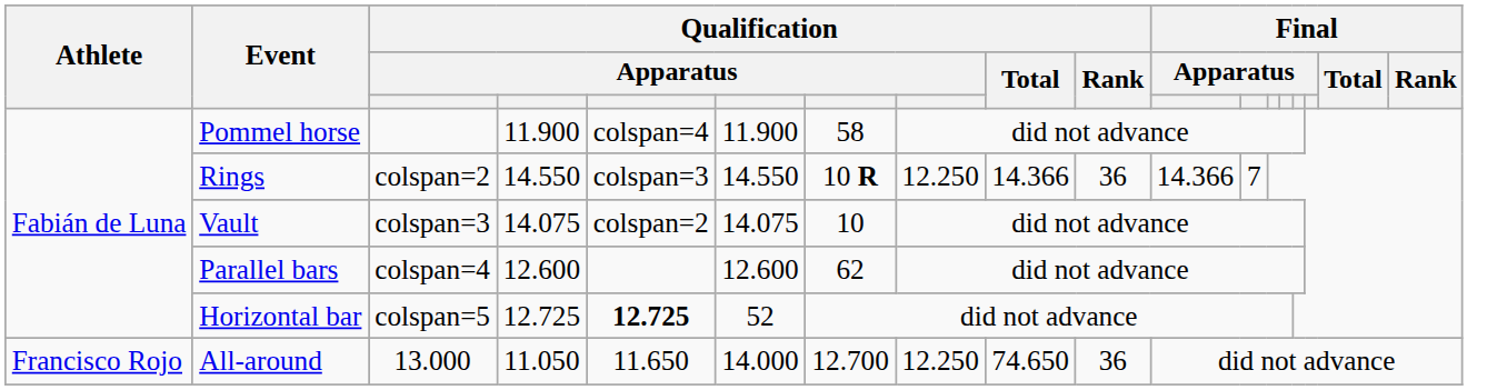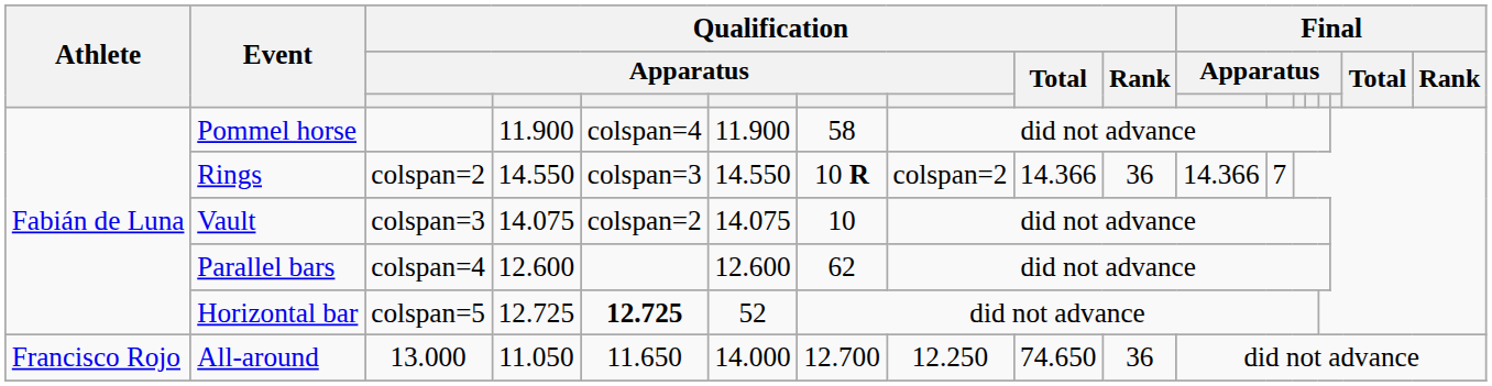 <table class="wikitable" style="font-size:90%">
 <tr>
 <th rowspan=3>Athlete</th>
 <th rowspan=3>Event</th>
 <th colspan =8>Qualification</th>
 <th colspan =8>Final</th>
 </tr>
 <tr style="font-size:95%">
 <th colspan=6>Apparatus</th>
 <th rowspan=2>Total</th>
 <th rowspan=2>Rank</th>
 <th colspan=6>Apparatus</th>
 <th rowspan=2>Total</th>
 <th rowspan=2>Rank</th>
 </tr>
 <tr style="font-size:95%">
 <th></th>
 <th></th>
 <th></th>
 <th></th>
 <th></th>
 <th></th>
 <th></th>
 <th></th>
 <th></th>
 <th></th>
 <th></th>
 <th></th>
 </tr>
 <tr align=center>
 <td align=left rowspan=5><a href='#'>Fabián de Luna</a></td>
 <td align=left><a href='#'>Pommel horse</a></td>
 <td></td>
 <td>11.900</td>
 <td>colspan=4 </td>
 <td>11.900</td>
 <td>58</td>
 <td colspan=8>did not advance</td>
 </tr>
 <tr align=center>
 <td align=left><a href='#'>Rings</a></td>
 <td>colspan=2 </td>
 <td>14.550</td>
 <td>colspan=3 </td>
 <td>14.550</td>
 <td>10 <strong>R</strong></td>
-<td>12.250</td>
+<td>colspan=2 </td>
 <td>14.366</td>
 <td>36</td>
 <td>14.366</td>
 <td>7</td>
 </tr>
 <tr align=center>
 <td align=left><a href='#'>Vault</a></td>
 <td>colspan=3 </td>
 <td>14.075</td>
 <td>colspan=2 </td>
 <td>14.075</td>
 <td>10</td>
 <td colspan=8>did not advance</td>
 </tr>
 <tr align=center>
 <td align=left><a href='#'>Parallel bars</a></td>
 <td>colspan=4 </td>
 <td>12.600</td>
 <td></td>
 <td>12.600</td>
 <td>62</td>
 <td colspan=8>did not advance</td>
 </tr>
 <tr align=center>
 <td align=left><a href='#'>Horizontal bar</a></td>
 <td>colspan=5 </td>
 <td>12.725</td>
 <td><strong>12.725</strong></td>
 <td>52</td>
 <td colspan=8>did not advance</td>
 </tr>
 <tr align=center>
 <td align=left><a href='#'>Francisco Rojo</a></td>
 <td align=left><a href='#'>All-around</a></td>
 <td>13.000</td>
 <td>11.050</td>
 <td>11.650</td>
 <td>14.000</td>
 <td>12.700</td>
 <td>12.250</td>
 <td>74.650</td>
 <td>36</td>
 <td colspan=8>did not advance</td>
 </tr>
 </table>
